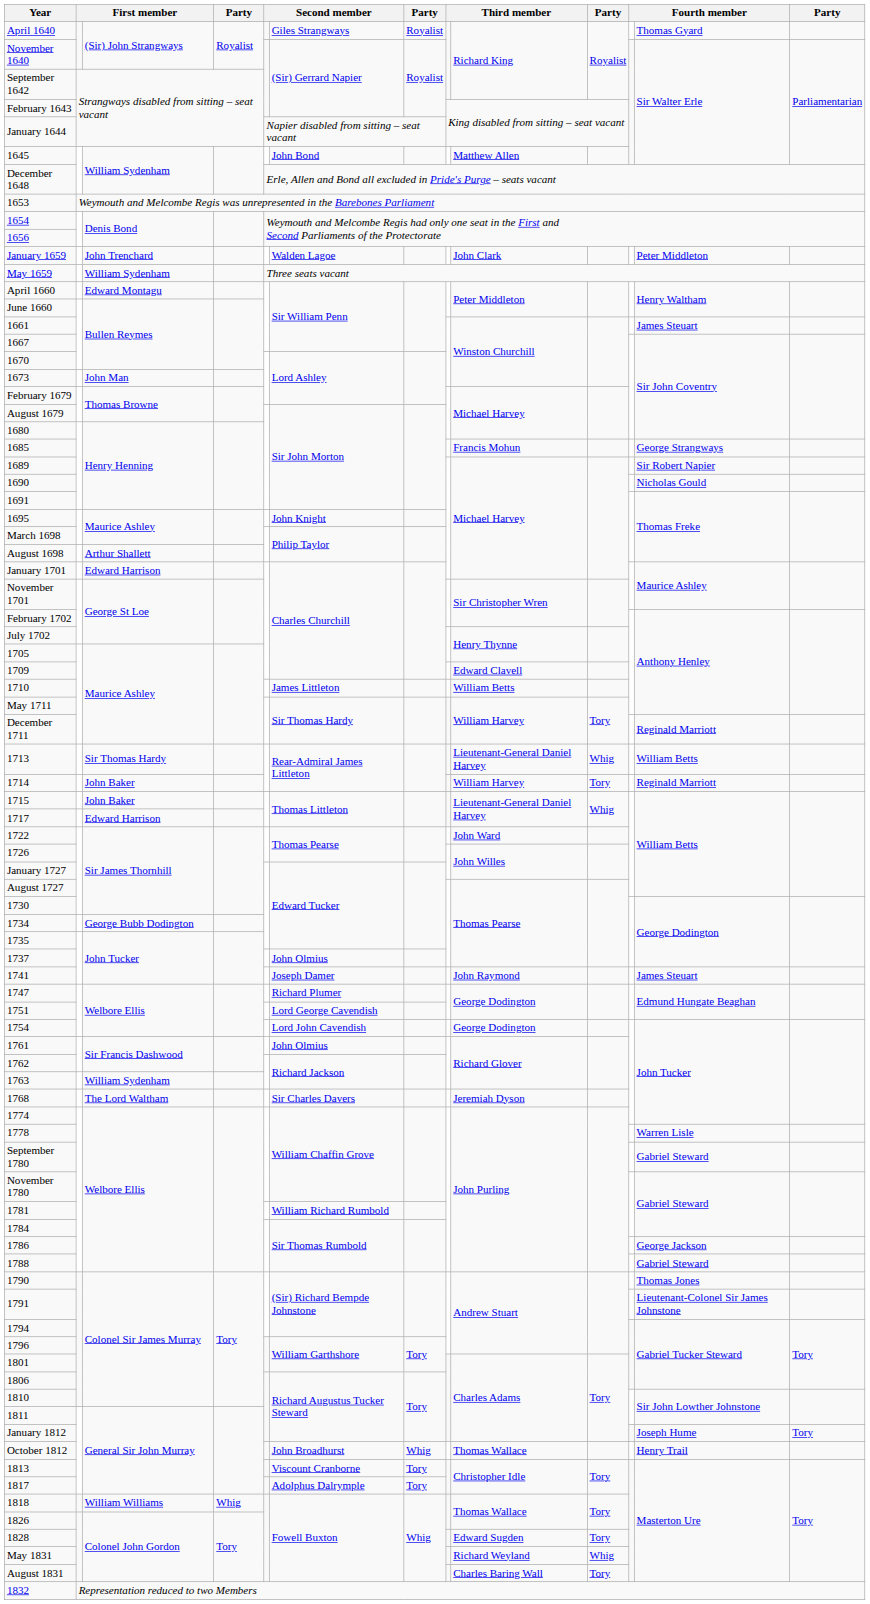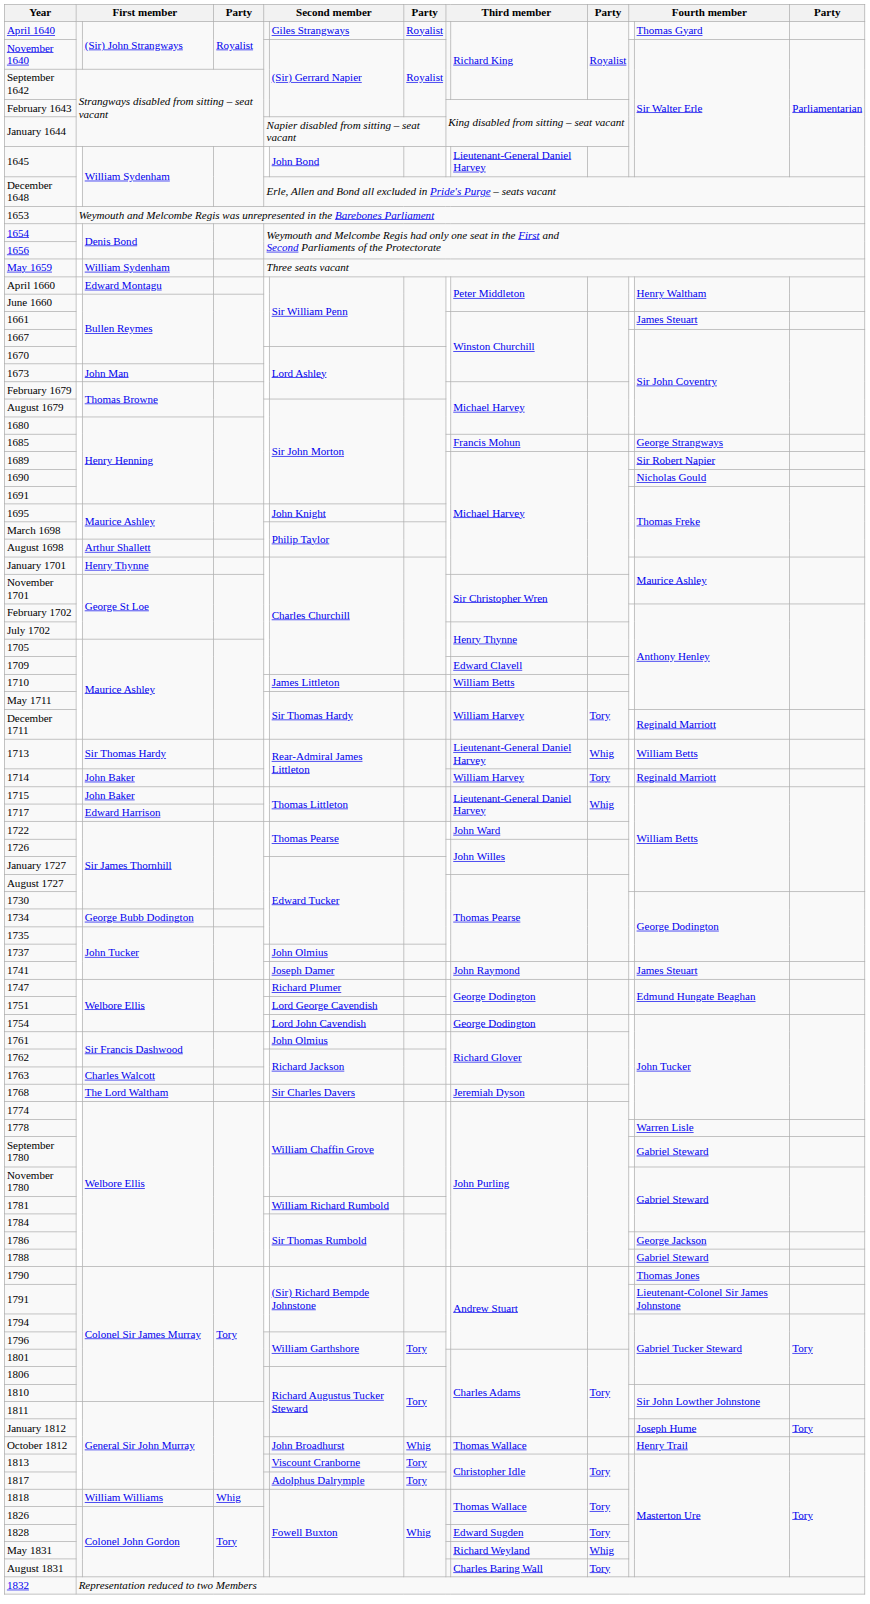 <table class="wikitable">
 <tr>
 <th>Year</th>
 <th colspan="2">First member</th>
 <th>Party</th>
 <th colspan="2">Second member</th>
 <th>Party</th>
 <th colspan="2">Third member</th>
 <th>Party</th>
 <th colspan="2">Fourth member</th>
 <th>Party</th>
 </tr>
 <tr>
 <td><a href='#'>April 1640</a></td>
 <td rowspan="2" style="color:inherit;background-color: "></td>
 <td rowspan="2"><a href='#'>(Sir) John Strangways</a></td>
 <td rowspan="2"><a href='#'>Royalist</a></td>
 <td style="color:inherit;background-color: "></td>
 <td><a href='#'>Giles Strangways</a></td>
 <td><a href='#'>Royalist</a></td>
 <td rowspan="3" style="color:inherit;background-color: "></td>
 <td rowspan="3"><a href='#'>Richard King</a></td>
 <td rowspan="3"><a href='#'>Royalist</a></td>
 <td style="color:inherit;background-color: white"></td>
 <td><a href='#'>Thomas Gyard</a></td>
 <td></td>
 </tr>
 <tr>
 <td><a href='#'>November 1640</a></td>
 <td rowspan="3" style="color:inherit;background-color: "></td>
 <td rowspan="3"><a href='#'>(Sir) Gerrard Napier</a></td>
 <td rowspan="3"><a href='#'>Royalist</a></td>
 <td rowspan="5" style="color:inherit;background-color: "></td>
 <td rowspan="5"><a href='#'>Sir Walter Erle</a></td>
 <td rowspan="5"><a href='#'>Parliamentarian</a></td>
 </tr>
 <tr>
 <td>September 1642</td>
 <td colspan="3" rowspan="3"><em>Strangways disabled from sitting – seat vacant</em></td>
 </tr>
 <tr>
 <td>February 1643</td>
 <td colspan="3" rowspan="2"><em>King disabled from sitting – seat vacant</em></td>
 </tr>
 <tr>
 <td>January 1644</td>
 <td colspan="3"><em>Napier disabled from sitting – seat vacant</em></td>
 </tr>
 <tr>
 <td>1645</td>
 <td rowspan="2" style="color:inherit;background-color: white"></td>
 <td rowspan="2"><a href='#'>William Sydenham</a></td>
 <td rowspan="2"></td>
 <td style="color:inherit;background-color: white"></td>
 <td><a href='#'>John Bond</a></td>
 <td></td>
 <td style="color:inherit;background-color: white"></td>
-<td><a href='#'>Matthew Allen</a></td>
+<td><a href='#'>Lieutenant-General Daniel Harvey</a></td>
 <td></td>
 </tr>
 <tr>
 <td>December 1648</td>
 <td colspan="9"><em>Erle, Allen and Bond all excluded in <a href='#'>Pride's Purge</a> – seats vacant</em></td>
 </tr>
 <tr>
 <td>1653</td>
 <td colspan="12"><em>Weymouth and Melcombe Regis was unrepresented in the <a href='#'>Barebones Parliament</a></em></td>
 </tr>
 <tr>
 <td><a href='#'>1654</a></td>
 <td rowspan="2" style="color:inherit;background-color: white"></td>
 <td rowspan="2"><a href='#'>Denis Bond</a></td>
 <td rowspan="2"></td>
 <td rowspan="2" colspan="9"><em>Weymouth and Melcombe Regis had only one seat in the <a href='#'>First</a> and <br><a href='#'>Second</a> Parliaments of the Protectorate</em></td>
 </tr>
 <tr>
 <td><a href='#'>1656</a></td>
-</tr>
-<tr>
-<td><a href='#'>January 1659</a></td>
-<td style="color:inherit;background-color: white"></td>
-<td><a href='#'>John Trenchard</a></td>
-<td></td>
-<td style="color:inherit;background-color: white"></td>
-<td><a href='#'>Walden Lagoe</a></td>
-<td></td>
-<td style="color:inherit;background-color: white"></td>
-<td><a href='#'>John Clark</a></td>
-<td></td>
-<td style="color:inherit;background-color: white"></td>
-<td><a href='#'>Peter Middleton</a></td>
-<td></td>
 </tr>
 <tr>
 <td><a href='#'>May 1659</a></td>
 <td style="color:inherit;background-color: white"></td>
 <td><a href='#'>William Sydenham</a></td>
 <td></td>
 <td colspan="9"><em>Three seats vacant</em></td>
 </tr>
 <tr>
 <td>April 1660</td>
 <td style="color:inherit;background-color: white"></td>
 <td><a href='#'>Edward Montagu</a></td>
 <td></td>
 <td rowspan="4" style="color:inherit;background-color: white"></td>
 <td rowspan="4"><a href='#'>Sir William Penn</a></td>
 <td rowspan="4"></td>
 <td rowspan="2" style="color:inherit;background-color: white"></td>
 <td rowspan="2"><a href='#'>Peter Middleton</a></td>
 <td rowspan="2"></td>
 <td rowspan="2" style="color:inherit;background-color: white"></td>
 <td rowspan="2"><a href='#'>Henry Waltham</a></td>
 <td rowspan="2"></td>
 </tr>
 <tr>
 <td>June 1660</td>
 <td rowspan="4" style="color:inherit;background-color: white"></td>
 <td rowspan="4"><a href='#'>Bullen Reymes</a></td>
 <td rowspan="4"></td>
 </tr>
 <tr>
 <td>1661</td>
 <td rowspan="4" style="color:inherit;background-color: white"></td>
 <td rowspan="4"><a href='#'>Winston Churchill</a></td>
 <td rowspan="4"></td>
 <td style="color:inherit;background-color: white"></td>
 <td><a href='#'>James Steuart</a></td>
 <td></td>
 </tr>
 <tr>
 <td>1667</td>
 <td rowspan="6" style="color:inherit;background-color: white"></td>
 <td rowspan="6"><a href='#'>Sir John Coventry</a></td>
 <td rowspan="6"></td>
 </tr>
 <tr>
 <td>1670</td>
 <td rowspan="3" style="color:inherit;background-color: white"></td>
 <td rowspan="3"><a href='#'>Lord Ashley</a></td>
 <td rowspan="3"></td>
 </tr>
 <tr>
 <td>1673</td>
 <td style="color:inherit;background-color: white"></td>
 <td><a href='#'>John Man</a></td>
 <td></td>
 </tr>
 <tr>
 <td>February 1679</td>
 <td rowspan="2" style="color:inherit;background-color: white"></td>
 <td rowspan="2"><a href='#'>Thomas Browne</a></td>
 <td rowspan="2"></td>
 <td rowspan="3" style="color:inherit;background-color: white"></td>
 <td rowspan="3"><a href='#'>Michael Harvey</a></td>
 <td rowspan="3"></td>
 </tr>
 <tr>
 <td>August 1679</td>
 <td rowspan="6" style="color:inherit;background-color: white"></td>
 <td rowspan="6"><a href='#'>Sir John Morton</a></td>
 <td rowspan="6"></td>
 </tr>
 <tr>
 <td>1680</td>
 <td rowspan="5" style="color:inherit;background-color: white"></td>
 <td rowspan="5"><a href='#'>Henry Henning</a></td>
 <td rowspan="5"></td>
 </tr>
 <tr>
 <td>1685</td>
 <td style="color:inherit;background-color: white"></td>
 <td><a href='#'>Francis Mohun</a></td>
 <td></td>
 <td style="color:inherit;background-color: white"></td>
 <td><a href='#'>George Strangways</a></td>
 <td></td>
 </tr>
 <tr>
 <td>1689</td>
 <td rowspan="7" style="color:inherit;background-color: white"></td>
 <td rowspan="7"><a href='#'>Michael Harvey</a></td>
 <td rowspan="7"></td>
 <td style="color:inherit;background-color: white"></td>
 <td><a href='#'>Sir Robert Napier</a></td>
 <td></td>
 </tr>
 <tr>
 <td>1690</td>
 <td style="color:inherit;background-color: white"></td>
 <td><a href='#'>Nicholas Gould</a></td>
 <td></td>
 </tr>
 <tr>
 <td>1691</td>
 <td rowspan="4" style="color:inherit;background-color: white"></td>
 <td rowspan="4"><a href='#'>Thomas Freke</a></td>
 <td rowspan="4"></td>
 </tr>
 <tr>
 <td>1695</td>
 <td rowspan="2" style="color:inherit;background-color: white"></td>
 <td rowspan="2"><a href='#'>Maurice Ashley</a></td>
 <td rowspan="2"></td>
 <td style="color:inherit;background-color: white"></td>
 <td><a href='#'>John Knight</a></td>
 <td></td>
 </tr>
 <tr>
 <td>March 1698</td>
 <td rowspan="2" style="color:inherit;background-color: white"></td>
 <td rowspan="2"><a href='#'>Philip Taylor</a></td>
 <td rowspan="2"></td>
 </tr>
 <tr>
 <td>August 1698</td>
 <td style="color:inherit;background-color: white"></td>
 <td><a href='#'>Arthur Shallett</a></td>
 <td></td>
 </tr>
 <tr>
 <td>January 1701</td>
 <td style="color:inherit;background-color: white"></td>
-<td><a href='#'>Edward Harrison</a></td>
+<td><a href='#'>Henry Thynne</a></td>
 <td></td>
 <td rowspan="6" style="color:inherit;background-color: white"></td>
 <td rowspan="6"><a href='#'>Charles Churchill</a></td>
 <td rowspan="6"></td>
 <td rowspan="2" style="color:inherit;background-color: white"></td>
 <td rowspan="2"><a href='#'>Maurice Ashley</a></td>
 <td rowspan="2"></td>
 </tr>
 <tr>
 <td>November 1701</td>
 <td rowspan="3" style="color:inherit;background-color: white"></td>
 <td rowspan="3"><a href='#'>George St Loe</a></td>
 <td rowspan="3"></td>
 <td rowspan="2" style="color:inherit;background-color: white"></td>
 <td rowspan="2"><a href='#'>Sir Christopher Wren</a></td>
 <td rowspan="2"></td>
 </tr>
 <tr>
 <td>February 1702</td>
 <td rowspan="6" style="color:inherit;background-color: white"></td>
 <td rowspan="6"><a href='#'>Anthony Henley</a></td>
 <td rowspan="6"></td>
 </tr>
 <tr>
 <td>July 1702</td>
 <td rowspan="2" style="color:inherit;background-color: white"></td>
 <td rowspan="2"><a href='#'>Henry Thynne</a></td>
 <td rowspan="2"></td>
 </tr>
 <tr>
 <td>1705</td>
 <td rowspan="5" style="color:inherit;background-color: white"></td>
 <td rowspan="5"><a href='#'>Maurice Ashley</a></td>
 <td rowspan="5"></td>
 </tr>
 <tr>
 <td>1709</td>
 <td style="color:inherit;background-color: white"></td>
 <td><a href='#'>Edward Clavell</a></td>
 <td></td>
 </tr>
 <tr>
 <td>1710</td>
 <td style="color:inherit;background-color: white"></td>
 <td><a href='#'>James Littleton</a></td>
 <td></td>
 <td style="color:inherit;background-color: white"></td>
 <td><a href='#'>William Betts</a></td>
 <td></td>
 </tr>
 <tr>
 <td>May 1711</td>
 <td rowspan="2" style="color:inherit;background-color: white"></td>
 <td rowspan="2"><a href='#'>Sir Thomas Hardy</a></td>
 <td rowspan="2"></td>
 <td rowspan="2" style="color:inherit;background-color: "></td>
 <td rowspan="2"><a href='#'>William Harvey</a></td>
 <td rowspan="2"><a href='#'>Tory</a></td>
 </tr>
 <tr>
 <td>December 1711</td>
 <td style="color:inherit;background-color: white"></td>
 <td><a href='#'>Reginald Marriott</a></td>
 <td></td>
 </tr>
 <tr>
 <td>1713</td>
 <td style="color:inherit;background-color: white"></td>
 <td><a href='#'>Sir Thomas Hardy</a></td>
 <td></td>
 <td rowspan="2" style="color:inherit;background-color: white"></td>
 <td rowspan="2"><a href='#'>Rear-Admiral James Littleton</a></td>
 <td rowspan="2"></td>
 <td style="color:inherit;background-color: "></td>
 <td><a href='#'>Lieutenant-General Daniel Harvey</a></td>
 <td><a href='#'>Whig</a></td>
 <td style="color:inherit;background-color: white"></td>
 <td><a href='#'>William Betts</a></td>
 <td></td>
 </tr>
 <tr>
 <td>1714</td>
 <td style="color:inherit;background-color: white"></td>
 <td><a href='#'>John Baker</a></td>
 <td></td>
 <td style="color:inherit;background-color: "></td>
 <td><a href='#'>William Harvey</a></td>
 <td><a href='#'>Tory</a></td>
 <td style="color:inherit;background-color: white"></td>
 <td><a href='#'>Reginald Marriott</a></td>
 <td></td>
 </tr>
 <tr>
 <td>1715</td>
 <td style="color:inherit;background-color: white"></td>
 <td><a href='#'>John Baker</a></td>
 <td></td>
 <td rowspan="2" style="color:inherit;background-color: white"></td>
 <td rowspan="2"><a href='#'>Thomas Littleton</a></td>
 <td rowspan="2"></td>
 <td rowspan="2" style="color:inherit;background-color: "></td>
 <td rowspan="2"><a href='#'>Lieutenant-General Daniel Harvey</a></td>
 <td rowspan="2"><a href='#'>Whig</a></td>
 <td rowspan="6" style="color:inherit;background-color: white"></td>
 <td rowspan="6"><a href='#'>William Betts</a></td>
 <td rowspan="6"></td>
 </tr>
 <tr>
 <td>1717</td>
 <td style="color:inherit;background-color: white"></td>
 <td><a href='#'>Edward Harrison</a></td>
 <td></td>
 </tr>
 <tr>
 <td>1722</td>
 <td rowspan="5" style="color:inherit;background-color: white"></td>
 <td rowspan="5"><a href='#'>Sir James Thornhill</a></td>
 <td rowspan="5"></td>
 <td rowspan="2" style="color:inherit;background-color: white"></td>
 <td rowspan="2"><a href='#'>Thomas Pearse</a></td>
 <td rowspan="2"></td>
 <td style="color:inherit;background-color: white"></td>
 <td><a href='#'>John Ward</a></td>
 <td></td>
 </tr>
 <tr>
 <td>1726</td>
 <td rowspan="2" style="color:inherit;background-color: white"></td>
 <td rowspan="2"><a href='#'>John Willes</a></td>
 <td rowspan="2"></td>
 </tr>
 <tr>
 <td>January 1727</td>
 <td rowspan="5" style="color:inherit;background-color: white"></td>
 <td rowspan="5"><a href='#'>Edward Tucker</a></td>
 <td rowspan="5"></td>
 </tr>
 <tr>
 <td>August 1727</td>
 <td rowspan="5" style="color:inherit;background-color: white"></td>
 <td rowspan="5"><a href='#'>Thomas Pearse</a></td>
 <td rowspan="5"></td>
 </tr>
 <tr>
 <td>1730</td>
 <td rowspan="4" style="color:inherit;background-color: white"></td>
 <td rowspan="4"><a href='#'>George Dodington</a></td>
 <td rowspan="4"></td>
 </tr>
 <tr>
 <td>1734</td>
 <td style="color:inherit;background-color: white"></td>
 <td><a href='#'>George Bubb Dodington</a></td>
 <td></td>
 </tr>
 <tr>
 <td>1735</td>
 <td rowspan="3" style="color:inherit;background-color: white"></td>
 <td rowspan="3"><a href='#'>John Tucker</a></td>
 <td rowspan="3"></td>
 </tr>
 <tr>
 <td>1737</td>
 <td style="color:inherit;background-color: white"></td>
 <td><a href='#'>John Olmius</a></td>
 <td></td>
 </tr>
 <tr>
 <td>1741</td>
 <td style="color:inherit;background-color: white"></td>
 <td><a href='#'>Joseph Damer</a></td>
 <td></td>
 <td style="color:inherit;background-color: white"></td>
 <td><a href='#'>John Raymond</a></td>
 <td></td>
 <td style="color:inherit;background-color: white"></td>
 <td><a href='#'>James Steuart</a></td>
 <td></td>
 </tr>
 <tr>
 <td>1747</td>
 <td rowspan="3" style="color:inherit;background-color: white"></td>
 <td rowspan="3"><a href='#'>Welbore Ellis</a></td>
 <td rowspan="3"></td>
 <td style="color:inherit;background-color: white"></td>
 <td><a href='#'>Richard Plumer</a></td>
 <td></td>
 <td rowspan="2" style="color:inherit;background-color: white"></td>
 <td rowspan="2"><a href='#'>George Dodington</a></td>
 <td rowspan="2"></td>
 <td rowspan="2" style="color:inherit;background-color: white"></td>
 <td rowspan="2"><a href='#'>Edmund Hungate Beaghan</a></td>
 <td rowspan="2"></td>
 </tr>
 <tr>
 <td>1751</td>
 <td style="color:inherit;background-color: white"></td>
 <td><a href='#'>Lord George Cavendish</a></td>
 <td></td>
 </tr>
 <tr>
 <td>1754</td>
 <td style="color:inherit;background-color: white"></td>
 <td><a href='#'>Lord John Cavendish</a></td>
 <td></td>
 <td style="color:inherit;background-color: white"></td>
 <td><a href='#'>George Dodington</a></td>
 <td></td>
 <td rowspan="6" style="color:inherit;background-color: white"></td>
 <td rowspan="6"><a href='#'>John Tucker</a></td>
 <td rowspan="6"></td>
 </tr>
 <tr>
 <td>1761</td>
 <td rowspan="2" style="color:inherit;background-color: white"></td>
 <td rowspan="2"><a href='#'>Sir Francis Dashwood</a></td>
 <td rowspan="2"></td>
 <td style="color:inherit;background-color: white"></td>
 <td><a href='#'>John Olmius</a></td>
 <td></td>
 <td rowspan="3" style="color:inherit;background-color: white"></td>
 <td rowspan="3"><a href='#'>Richard Glover</a></td>
 <td rowspan="3"></td>
 </tr>
 <tr>
 <td>1762</td>
 <td rowspan="2" style="color:inherit;background-color: white"></td>
 <td rowspan="2"><a href='#'>Richard Jackson</a></td>
 <td rowspan="2"></td>
 </tr>
 <tr>
 <td>1763</td>
 <td style="color:inherit;background-color: white"></td>
-<td><a href='#'>William Sydenham</a></td>
+<td><a href='#'>Charles Walcott</a></td>
 <td></td>
 </tr>
 <tr>
 <td>1768</td>
 <td style="color:inherit;background-color: white"></td>
 <td><a href='#'>The Lord Waltham</a></td>
 <td></td>
 <td style="color:inherit;background-color: white"></td>
 <td><a href='#'>Sir Charles Davers</a></td>
 <td></td>
 <td style="color:inherit;background-color: white"></td>
 <td><a href='#'>Jeremiah Dyson</a></td>
 <td></td>
 </tr>
 <tr>
 <td>1774</td>
 <td rowspan="8" style="color:inherit;background-color: white"></td>
 <td rowspan="8"><a href='#'>Welbore Ellis</a></td>
 <td rowspan="8"></td>
 <td rowspan="4" style="color:inherit;background-color: white"></td>
 <td rowspan="4"><a href='#'>William Chaffin Grove</a></td>
 <td rowspan="4"></td>
 <td rowspan="8" style="color:inherit;background-color: white"></td>
 <td rowspan="8"><a href='#'>John Purling</a></td>
 <td rowspan="8"></td>
 </tr>
 <tr>
 <td>1778</td>
 <td style="color:inherit;background-color: white"></td>
 <td><a href='#'>Warren Lisle</a></td>
 <td></td>
 </tr>
 <tr>
 <td>September 1780</td>
 <td style="color:inherit;background-color: white"></td>
 <td><a href='#'>Gabriel Steward</a></td>
 <td></td>
 </tr>
 <tr>
 <td>November 1780</td>
 <td rowspan="3" style="color:inherit;background-color: white"></td>
 <td rowspan="3"><a href='#'>Gabriel Steward</a></td>
 <td rowspan="3"></td>
 </tr>
 <tr>
 <td>1781</td>
 <td style="color:inherit;background-color: white"></td>
 <td><a href='#'>William Richard Rumbold</a></td>
 <td></td>
 </tr>
 <tr>
 <td>1784</td>
 <td rowspan="3" style="color:inherit;background-color: white"></td>
 <td rowspan="3"><a href='#'>Sir Thomas Rumbold</a></td>
 <td rowspan="3"></td>
 </tr>
 <tr>
 <td>1786</td>
 <td style="color:inherit;background-color: white"></td>
 <td><a href='#'>George Jackson</a></td>
 <td></td>
 </tr>
 <tr>
 <td>1788</td>
 <td style="color:inherit;background-color: white"></td>
 <td><a href='#'>Gabriel Steward</a></td>
 <td></td>
 </tr>
 <tr>
 <td>1790</td>
 <td rowspan="7" style="color:inherit;background-color: "></td>
 <td rowspan="7"><a href='#'>Colonel Sir James Murray</a></td>
 <td rowspan="7"><a href='#'>Tory</a></td>
 <td rowspan="3" style="color:inherit;background-color: white"></td>
 <td rowspan="3"><a href='#'>(Sir) Richard Bempde Johnstone</a></td>
 <td rowspan="3"></td>
 <td rowspan="4" style="color:inherit;background-color: white"></td>
 <td rowspan="4"><a href='#'>Andrew Stuart</a></td>
 <td rowspan="4"></td>
 <td style="color:inherit;background-color: white"></td>
 <td><a href='#'>Thomas Jones</a></td>
 <td></td>
 </tr>
 <tr>
 <td>1791</td>
 <td style="color:inherit;background-color: white"></td>
 <td><a href='#'>Lieutenant-Colonel Sir James Johnstone</a></td>
 <td></td>
 </tr>
 <tr>
 <td>1794</td>
 <td rowspan="4" style="color:inherit;background-color: "></td>
 <td rowspan="4"><a href='#'>Gabriel Tucker Steward</a></td>
 <td rowspan="4"><a href='#'>Tory</a></td>
 </tr>
 <tr>
 <td>1796</td>
 <td rowspan="2" style="color:inherit;background-color: "></td>
 <td rowspan="2"><a href='#'>William Garthshore</a></td>
 <td rowspan="2"><a href='#'>Tory</a></td>
 </tr>
 <tr>
 <td>1801</td>
 <td rowspan="5" style="color:inherit;background-color: "></td>
 <td rowspan="5"><a href='#'>Charles Adams</a></td>
 <td rowspan="5"><a href='#'>Tory</a></td>
 </tr>
 <tr>
 <td>1806</td>
 <td rowspan="4" style="color:inherit;background-color: "></td>
 <td rowspan="4"><a href='#'>Richard Augustus Tucker Steward</a></td>
 <td rowspan="4"><a href='#'>Tory</a></td>
 </tr>
 <tr>
 <td>1810</td>
 <td rowspan="2"  style="color:inherit;background-color: white"></td>
 <td rowspan="2"><a href='#'>Sir John Lowther Johnstone</a></td>
 <td rowspan="2"></td>
 </tr>
 <tr>
 <td>1811</td>
 <td rowspan="5" style="color:inherit;background-color: white"></td>
 <td rowspan="5"><a href='#'>General Sir John Murray</a></td>
 <td rowspan="5"></td>
 </tr>
 <tr>
 <td>January 1812</td>
 <td style="color:inherit;background-color: "></td>
 <td><a href='#'>Joseph Hume</a></td>
 <td><a href='#'>Tory</a></td>
 </tr>
 <tr>
 <td>October 1812</td>
 <td style="color:inherit;background-color: "></td>
 <td><a href='#'>John Broadhurst</a></td>
 <td><a href='#'>Whig</a></td>
 <td style="color:inherit;background-color: white"></td>
 <td><a href='#'>Thomas Wallace</a></td>
 <td></td>
 <td style="color:inherit;background-color: white"></td>
 <td><a href='#'>Henry Trail</a></td>
 <td></td>
 </tr>
 <tr>
 <td>1813</td>
 <td style="color:inherit;background-color: "></td>
 <td><a href='#'>Viscount Cranborne</a></td>
 <td><a href='#'>Tory</a></td>
 <td rowspan="2" style="color:inherit;background-color: "></td>
 <td rowspan="2"><a href='#'>Christopher Idle</a></td>
 <td rowspan="2"><a href='#'>Tory</a></td>
 <td rowspan="7" style="color:inherit;background-color: "></td>
 <td rowspan="7"><a href='#'>Masterton Ure</a></td>
 <td rowspan="7"><a href='#'>Tory</a></td>
 </tr>
 <tr>
 <td>1817</td>
 <td style="color:inherit;background-color: "></td>
 <td><a href='#'>Adolphus Dalrymple</a></td>
 <td><a href='#'>Tory</a></td>
 </tr>
 <tr>
 <td>1818</td>
 <td style="color:inherit;background-color: "></td>
 <td><a href='#'>William Williams</a></td>
 <td><a href='#'>Whig</a></td>
 <td rowspan="5" style="color:inherit;background-color: "></td>
 <td rowspan="5"><a href='#'>Fowell Buxton</a></td>
 <td rowspan="5"><a href='#'>Whig</a></td>
 <td rowspan="2" style="color:inherit;background-color: "></td>
 <td rowspan="2"><a href='#'>Thomas Wallace</a></td>
 <td rowspan="2"><a href='#'>Tory</a></td>
 </tr>
 <tr>
 <td>1826</td>
 <td rowspan="4" style="color:inherit;background-color: "></td>
 <td rowspan="4"><a href='#'>Colonel John Gordon</a></td>
 <td rowspan="4"><a href='#'>Tory</a></td>
 </tr>
 <tr>
 <td>1828</td>
 <td style="color:inherit;background-color: "></td>
 <td><a href='#'>Edward Sugden</a></td>
 <td><a href='#'>Tory</a></td>
 </tr>
 <tr>
 <td>May 1831</td>
 <td style="color:inherit;background-color: "></td>
 <td><a href='#'>Richard Weyland</a></td>
 <td><a href='#'>Whig</a></td>
 </tr>
 <tr>
 <td>August 1831</td>
 <td style="color:inherit;background-color: "></td>
 <td><a href='#'>Charles Baring Wall</a></td>
 <td><a href='#'>Tory</a></td>
 </tr>
 <tr>
 <td><a href='#'>1832</a></td>
 <td colspan="12"><em>Representation reduced to two Members</em></td>
 </tr>
 </table>
